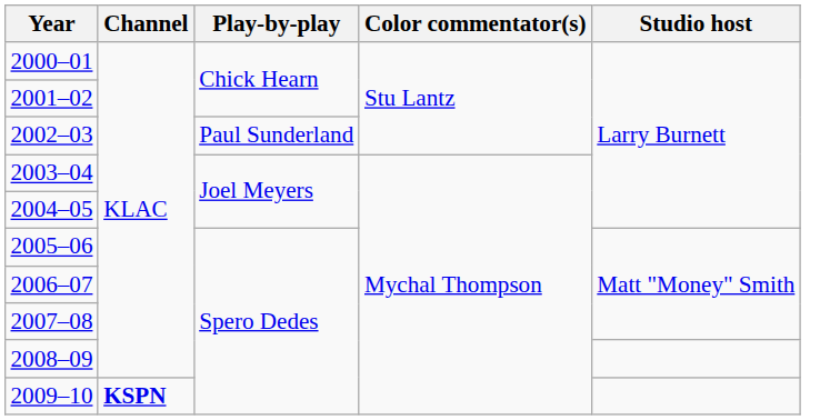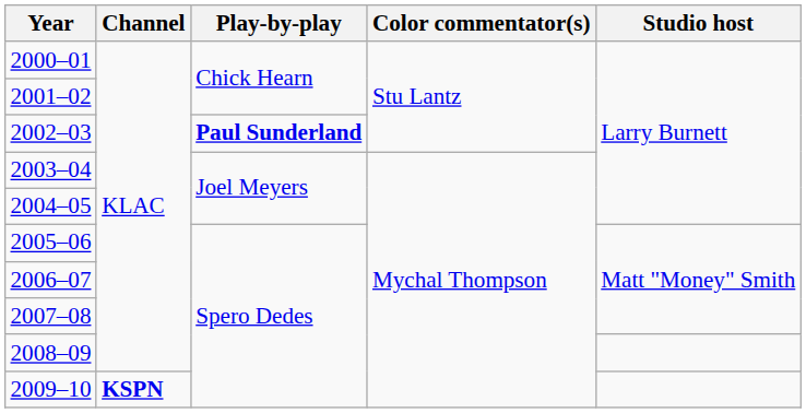 <table class="wikitable">
 <tr>
 <th>Year</th>
 <th>Channel</th>
 <th>Play-by-play</th>
 <th>Color commentator(s)</th>
 <th>Studio host</th>
 </tr>
 <tr>
 <td><a href='#'>2000–01</a></td>
 <td rowspan="9"><a href='#'>KLAC</a></td>
 <td rowspan="2"><a href='#'>Chick Hearn</a></td>
 <td rowspan="3"><a href='#'>Stu Lantz</a></td>
 <td rowspan="5"><a href='#'>Larry Burnett</a></td>
 </tr>
 <tr>
 <td><a href='#'>2001–02</a></td>
 </tr>
 <tr>
 <td><a href='#'>2002–03</a></td>
-<td><a href='#'>Paul Sunderland</a></td>
+<td><strong><a href='#'>Paul Sunderland</a></strong></td>
 </tr>
 <tr>
 <td><a href='#'>2003–04</a></td>
 <td rowspan="2"><a href='#'>Joel Meyers</a></td>
 <td rowspan="7"><a href='#'>Mychal Thompson</a></td>
 </tr>
 <tr>
 <td><a href='#'>2004–05</a></td>
 </tr>
 <tr>
 <td><a href='#'>2005–06</a></td>
 <td rowspan="5"><a href='#'>Spero Dedes</a></td>
 <td rowspan="3"><a href='#'>Matt "Money" Smith</a></td>
 </tr>
 <tr>
 <td><a href='#'>2006–07</a></td>
 </tr>
 <tr>
 <td><a href='#'>2007–08</a></td>
 </tr>
 <tr>
 <td><a href='#'>2008–09</a></td>
 <td></td>
 </tr>
 <tr>
 <td><a href='#'>2009–10</a></td>
 <td><strong><a href='#'>KSPN</a></strong></td>
 <td></td>
 </tr>
 </table>
